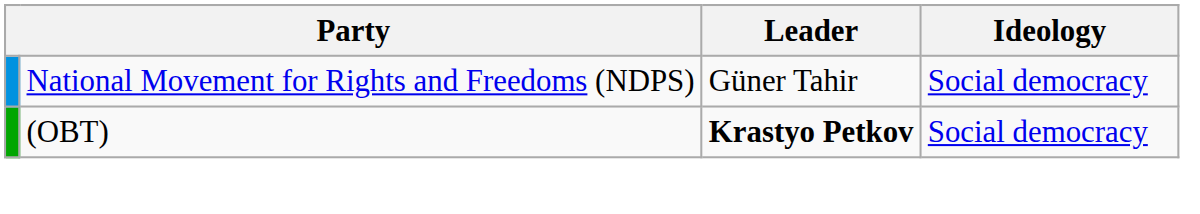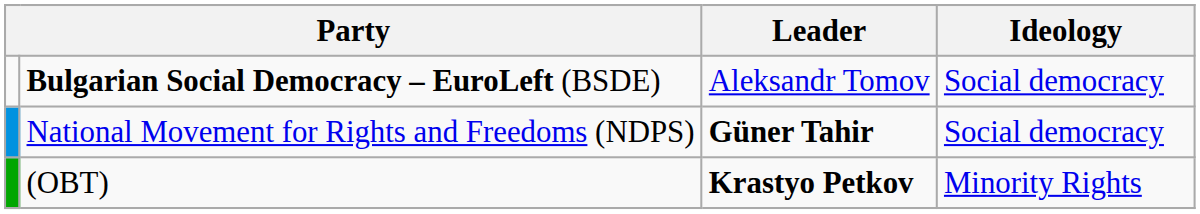 <table class="wikitable" style="font-size:95%; white-space: nowrap">
 <tr>
 <th style="width:200px" colspan="2">Party</th>
 <th style="width:100px">Leader</th>
 <th style="width:120px">Ideology</th>
 </tr>
 <tr>
+<td style="background:"></td>
+<td><strong>Bulgarian Social Democracy – EuroLeft</strong> (BSDE)</td>
+<td><a href='#'>Aleksandr Tomov</a></td>
+<td><a href='#'>Social democracy</a></td>
+</tr>
+<tr>
 <td style="background:#0192e0;"></td>
 <td><a href='#'>National Movement for Rights and Freedoms</a> (NDPS)</td>
-<td>Güner Tahir</td>
+<td><strong>Güner Tahir</strong></td>
 <td><a href='#'>Social democracy</a></td>
 </tr>
 <tr>
 <td style="background:#01a601;"></td>
 <td> (OBT)</td>
 <td><strong>Krastyo Petkov</strong></td>
-<td><a href='#'>Social democracy</a></td>
+<td><a href='#'>Minority Rights</a></td>
 </tr>
 </table>
